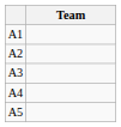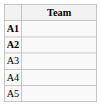 <table class="wikitable">
 <tr>
 <th></th>
 <th width=110>Team</th>
 </tr>
 <tr>
-<td align=center>A1</td>
+<td align=center><strong>A1</strong></td>
 <td></td>
 </tr>
 <tr>
-<td align=center>A2</td>
+<td align=center><strong>A2</strong></td>
 <td></td>
 </tr>
 <tr>
 <td align=center>A3</td>
 <td></td>
 </tr>
 <tr>
 <td align=center>A4</td>
 <td></td>
 </tr>
 <tr>
 <td align=center>A5</td>
 <td></td>
 </tr>
 </table>
